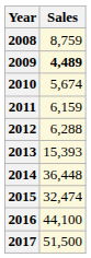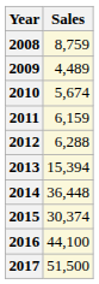 <table class="wikitable" style="text-align: right; display:inline-table">
 <tr>
 <th>Year</th>
 <th>Sales</th>
 </tr>
 <tr>
 <th>2008</th>
 <td style="background:#fbf8db; align:right;">8,759</td>
 </tr>
 <tr>
 <th>2009</th>
-<td style="background:#fbf8db; align:right;"><strong>4,489</strong></td>
+<td style="background:#fbf8db; align:right;">4,489</td>
 </tr>
 <tr>
 <th>2010</th>
 <td style="background:#fbf8db; align:right;">5,674</td>
 </tr>
 <tr>
 <th>2011</th>
 <td style="background:#fbf8db; align:right;">6,159</td>
 </tr>
 <tr>
 <th>2012</th>
 <td style="background:#fbf8db; align:right;">6,288</td>
 </tr>
 <tr>
 <th>2013</th>
-<td style="background:#fbf8db; align:right;">15,393</td>
+<td style="background:#fbf8db; align:right;">15,394</td>
 </tr>
 <tr>
 <th>2014</th>
 <td style="background:#fbf8db; align:right;">36,448</td>
 </tr>
 <tr>
 <th>2015</th>
-<td style="background:#fbf8db; align:right;">32,474</td>
+<td style="background:#fbf8db; align:right;">30,374</td>
 </tr>
 <tr>
 <th>2016</th>
 <td style="background:#fbf8db; align:right;">44,100</td>
 </tr>
 <tr>
 <th>2017</th>
 <td style="background:#fbf8db; align:right;">51,500</td>
 </tr>
 </table>
